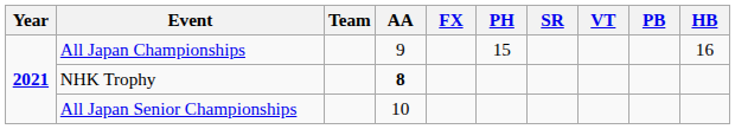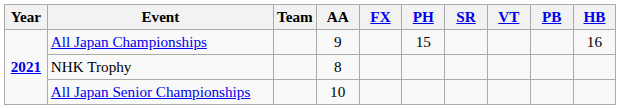 <table class="wikitable sortable" style="text-align:center; font-size:95%;">
 <tr>
 <th width=7% class=unsortable>Year</th>
 <th width=37% class=unsortable>Event</th>
 <th width=7% class=unsortable>Team</th>
 <th width=7% class=unsortable>AA</th>
 <th width=7% class=unsortable><a href='#'>FX</a></th>
 <th width=7% class=unsortable><a href='#'>PH</a></th>
 <th width=7% class=unsortable><a href='#'>SR</a></th>
 <th width=7% class=unsortable><a href='#'>VT</a></th>
 <th width=7% class=unsortable><a href='#'>PB</a></th>
 <th width=7% class=unsortable><a href='#'>HB</a></th>
 </tr>
 <tr>
 <td rowspan="3"><strong><a href='#'>2021</a></strong></td>
 <td align=left><a href='#'>All Japan Championships</a></td>
 <td></td>
 <td>9</td>
 <td></td>
 <td>15</td>
 <td></td>
 <td></td>
 <td></td>
 <td>16</td>
 </tr>
 <tr>
 <td align=left>NHK Trophy</td>
 <td></td>
-<td><strong>8</strong></td>
+<td>8</td>
 <td></td>
 <td></td>
 <td></td>
 <td></td>
 <td></td>
 <td></td>
 </tr>
 <tr>
 <td align=left><a href='#'>All Japan Senior Championships</a></td>
 <td></td>
 <td>10</td>
 <td></td>
 <td></td>
 <td></td>
 <td></td>
 <td></td>
 <td></td>
 </tr>
 </table>
